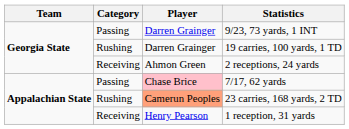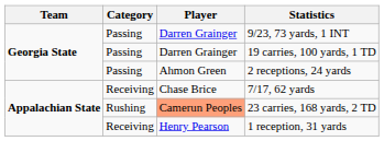 <table class="wikitable" style="float: right;">
 <tr>
 <th>Team</th>
 <th>Category</th>
 <th>Player</th>
 <th>Statistics</th>
 </tr>
 <tr>
 <td rowspan=3><strong>Georgia State</strong></td>
 <td>Passing</td>
 <td><a href='#'>Darren Grainger</a></td>
 <td>9/23, 73 yards, 1 INT</td>
 </tr>
 <tr>
-<td>Rushing</td>
+<td>Passing</td>
 <td>Darren Grainger</td>
 <td>19 carries, 100 yards, 1 TD</td>
 </tr>
 <tr>
-<td>Receiving</td>
+<td>Passing</td>
 <td>Ahmon Green</td>
 <td>2 receptions, 24 yards</td>
 </tr>
 <tr>
 <td rowspan=3><strong>Appalachian State</strong></td>
-<td>Passing</td>
-<td style="background: pink;">Chase Brice</td>
+<td>Receiving</td>
+<td>Chase Brice</td>
 <td>7/17, 62 yards</td>
 </tr>
 <tr>
 <td>Rushing</td>
 <td style="background: lightsalmon;">Camerun Peoples</td>
 <td>23 carries, 168 yards, 2 TD</td>
 </tr>
 <tr>
 <td>Receiving</td>
 <td><a href='#'>Henry Pearson</a></td>
 <td>1 reception, 31 yards</td>
 </tr>
 </table>
